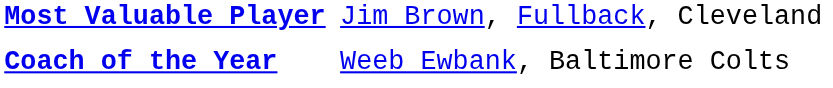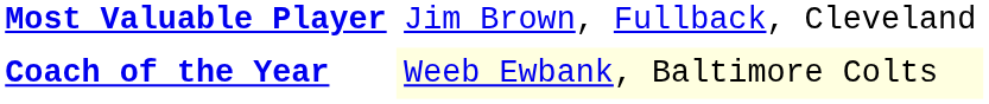 <table cellpadding="3" cellspacing="1">
 <tr>
 <td><strong><a href='#'>Most Valuable Player</a></strong></td>
 <td><a href='#'>Jim Brown</a>, <a href='#'>Fullback</a>, Cleveland</td>
 </tr>
 <tr>
 <td><strong><a href='#'>Coach of the Year</a></strong></td>
-<td><a href='#'>Weeb Ewbank</a>, Baltimore Colts</td>
+<td style="background: lightyellow;"><a href='#'>Weeb Ewbank</a>, Baltimore Colts</td>
 </tr>
 </table>
